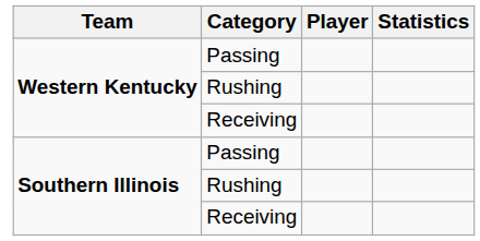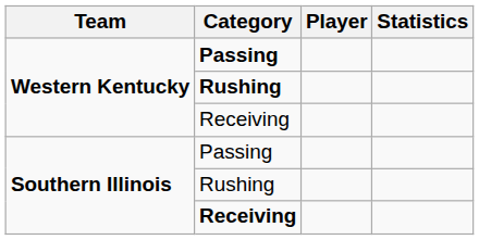 <table class="wikitable" style="float: right;">
 <tr>
 <th>Team</th>
 <th>Category</th>
 <th>Player</th>
 <th>Statistics</th>
 </tr>
 <tr>
 <td rowspan=3><strong>Western Kentucky</strong></td>
-<td>Passing</td>
+<td><strong>Passing</strong></td>
 <td></td>
 <td></td>
 </tr>
 <tr>
-<td>Rushing</td>
+<td><strong>Rushing</strong></td>
 <td></td>
 <td></td>
 </tr>
 <tr>
 <td>Receiving</td>
 <td></td>
 <td></td>
 </tr>
 <tr>
 <td rowspan=3><strong>Southern Illinois</strong></td>
 <td>Passing</td>
 <td></td>
 <td></td>
 </tr>
 <tr>
 <td>Rushing</td>
 <td></td>
 <td></td>
 </tr>
 <tr>
-<td>Receiving</td>
+<td><strong>Receiving</strong></td>
 <td></td>
 <td></td>
 </tr>
 </table>
